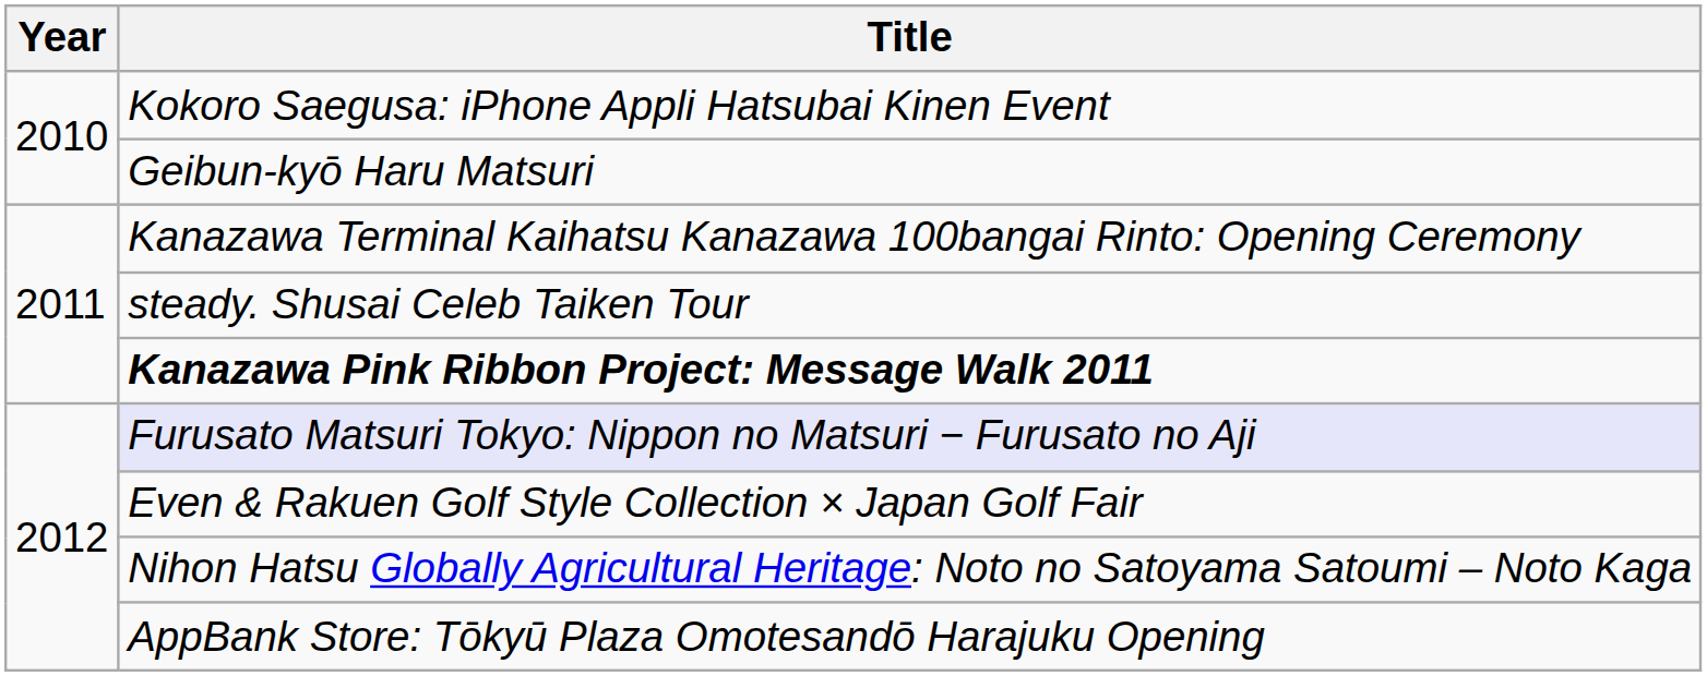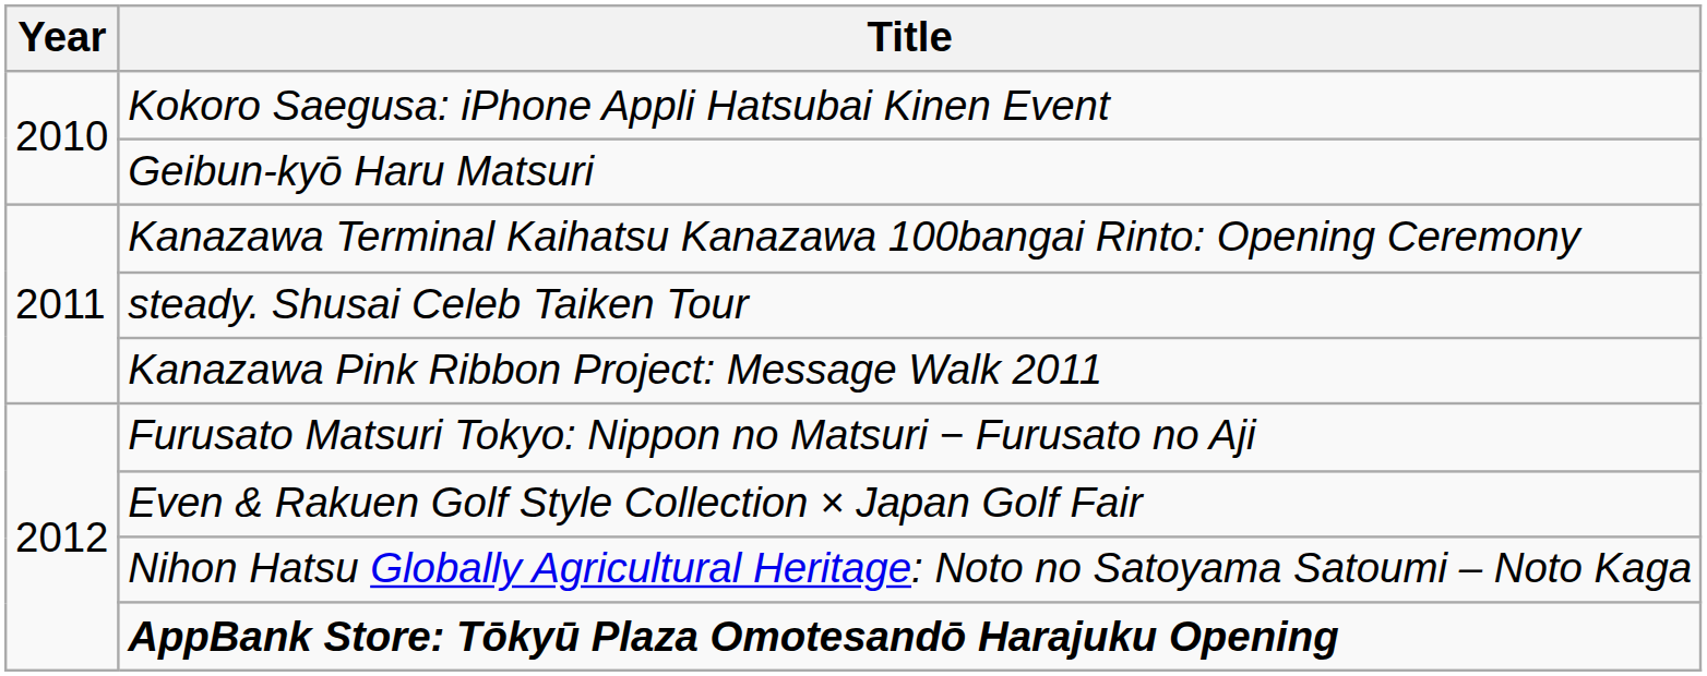 <table class="wikitable">
 <tr>
 <th>Year</th>
 <th>Title</th>
 </tr>
 <tr>
 <td rowspan="2">2010</td>
 <td><em>Kokoro Saegusa: iPhone Appli Hatsubai Kinen Event</em></td>
 </tr>
 <tr>
 <td><em>Geibun-kyō Haru Matsuri</em></td>
 </tr>
 <tr>
 <td rowspan="3">2011</td>
 <td><em>Kanazawa Terminal Kaihatsu Kanazawa 100bangai Rinto: Opening Ceremony</em></td>
 </tr>
 <tr>
 <td><em>steady. Shusai Celeb Taiken Tour</em></td>
 </tr>
 <tr>
-<td><strong><em>Kanazawa Pink Ribbon Project: Message Walk 2011</em></strong></td>
+<td><em>Kanazawa Pink Ribbon Project: Message Walk 2011</em></td>
 </tr>
 <tr>
 <td rowspan="4">2012</td>
-<td style="background: lavender;"><em>Furusato Matsuri Tokyo: Nippon no Matsuri − Furusato no Aji</em></td>
+<td><em>Furusato Matsuri Tokyo: Nippon no Matsuri − Furusato no Aji</em></td>
 </tr>
 <tr>
 <td><em>Even & Rakuen Golf Style Collection × Japan Golf Fair</em></td>
 </tr>
 <tr>
 <td><em>Nihon Hatsu <a href='#'>Globally Agricultural Heritage</a>: Noto no Satoyama Satoumi – Noto Kaga</em></td>
 </tr>
 <tr>
-<td><em>AppBank Store: Tōkyū Plaza Omotesandō Harajuku Opening</em></td>
+<td><strong><em>AppBank Store: Tōkyū Plaza Omotesandō Harajuku Opening</em></strong></td>
 </tr>
 </table>
